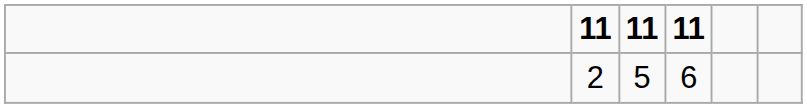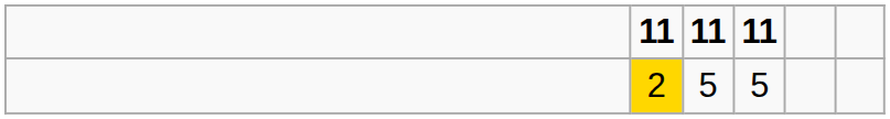 <table class="wikitable">
 <tr>
 <td style="width:18em"><strong></strong></td>
 <td align=center style="width:1em"><strong>11</strong></td>
 <td align=center style="width:1em"><strong>11</strong></td>
 <td align=center style="width:1em"><strong>11</strong></td>
 <td align=center style="width:1em"></td>
 <td align=center style="width:1em"></td>
 </tr>
 <tr>
 <td style="width:18em"></td>
-<td align=center style="width:1em">2</td>
+<td align=center style="background: gold; width:1em">2</td>
 <td align=center style="width:1em">5</td>
-<td align=center style="width:1em">6</td>
+<td align=center style="width:1em">5</td>
 <td align=center style="width:1em"></td>
 <td align=center style="width:1em"></td>
 </tr>
 </table>
